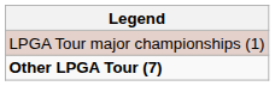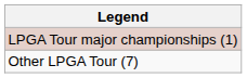 <table class="wikitable" style="font-size:95%;">
 <tr>
 <th>Legend</th>
 </tr>
 <tr style="background:#e5d1cb;">
 <td>LPGA Tour major championships (1)</td>
 </tr>
 <tr>
-<td><strong>Other LPGA Tour (7)</strong></td>
+<td>Other LPGA Tour (7)</td>
 </tr>
 </table>
